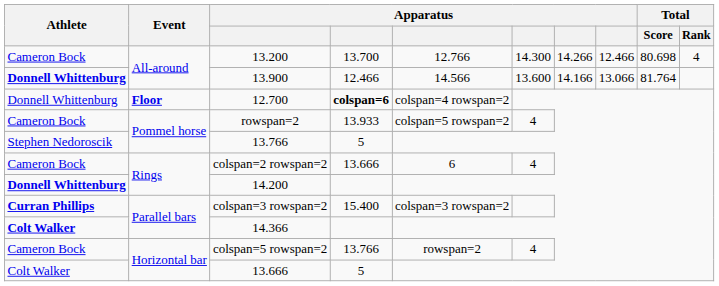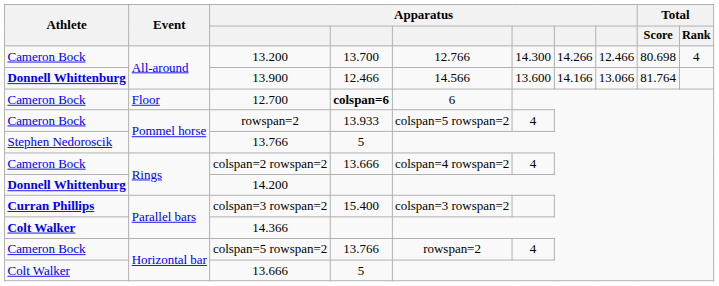 <table class=wikitable style=font-size:90%;text-align:center>
 <tr>
 <th rowspan=2>Athlete</th>
 <th rowspan=2>Event</th>
 <th colspan=6>Apparatus</th>
 <th colspan=2>Total</th>
 </tr>
 <tr style=font-size:95%>
 <th></th>
 <th></th>
 <th></th>
 <th></th>
 <th></th>
 <th></th>
 <th>Score</th>
 <th>Rank</th>
 </tr>
 <tr>
 <td align=left><a href='#'>Cameron Bock</a></td>
 <td align=left rowspan=2><a href='#'>All-around</a></td>
 <td>13.200</td>
 <td>13.700</td>
 <td>12.766</td>
 <td>14.300</td>
 <td>14.266</td>
 <td>12.466</td>
 <td>80.698</td>
 <td>4</td>
 </tr>
 <tr>
 <td align=left><strong><a href='#'>Donnell Whittenburg</a></strong></td>
 <td>13.900</td>
 <td>12.466</td>
 <td>14.566</td>
 <td>13.600</td>
 <td>14.166</td>
 <td>13.066</td>
 <td>81.764</td>
 <td></td>
 </tr>
 <tr>
-<td align=left><a href='#'>Donnell Whittenburg</a></td>
-<td align=left><strong><a href='#'>Floor</a></strong></td>
+<td align=left><a href='#'>Cameron Bock</a></td>
+<td align=left><a href='#'>Floor</a></td>
 <td>12.700</td>
 <td><strong>colspan=6 </strong></td>
-<td>colspan=4 rowspan=2 </td>
+<td>6</td>
 </tr>
 <tr>
 <td align=left><a href='#'>Cameron Bock</a></td>
 <td align=left rowspan=2><a href='#'>Pommel horse</a></td>
 <td>rowspan=2 </td>
 <td>13.933</td>
 <td>colspan=5 rowspan=2 </td>
 <td>4</td>
 </tr>
 <tr>
 <td align=left><a href='#'>Stephen Nedoroscik</a></td>
 <td>13.766</td>
 <td>5</td>
 </tr>
 <tr>
 <td align=left><a href='#'>Cameron Bock</a></td>
 <td align=left rowspan=2><a href='#'>Rings</a></td>
 <td>colspan=2 rowspan=2 </td>
 <td>13.666</td>
-<td>6</td>
+<td>colspan=4 rowspan=2 </td>
 <td>4</td>
 </tr>
 <tr>
 <td align=left><strong><a href='#'>Donnell Whittenburg</a></strong></td>
 <td>14.200</td>
 <td></td>
 </tr>
 <tr>
 <td align=left><strong><a href='#'>Curran Phillips</a></strong></td>
 <td align=left rowspan=2><a href='#'>Parallel bars</a></td>
 <td>colspan=3 rowspan=2 </td>
 <td>15.400</td>
 <td>colspan=3 rowspan=2 </td>
 <td></td>
 </tr>
 <tr>
 <td align=left><strong><a href='#'>Colt Walker</a></strong></td>
 <td>14.366</td>
 <td></td>
 </tr>
 <tr>
 <td align=left><a href='#'>Cameron Bock</a></td>
 <td align=left rowspan=2><a href='#'>Horizontal bar</a></td>
 <td>colspan=5 rowspan=2 </td>
 <td>13.766</td>
 <td>rowspan=2 </td>
 <td>4</td>
 </tr>
 <tr>
 <td align=left><a href='#'>Colt Walker</a></td>
 <td>13.666</td>
 <td>5</td>
 </tr>
 </table>
